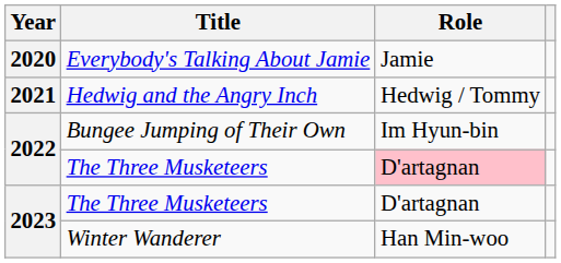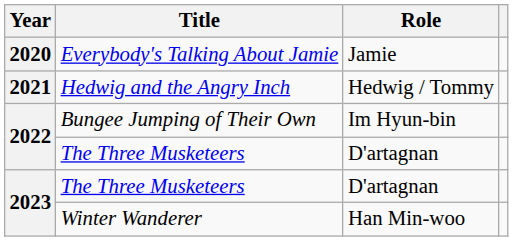 <table class="wikitable sortable plainrowheaders">
 <tr>
 <th>Year</th>
 <th>Title</th>
 <th>Role</th>
 <th scope="col" class="unsortable"></th>
 </tr>
 <tr>
 <th scope="row">2020</th>
 <td><em><a href='#'>Everybody's Talking About Jamie</a></em></td>
 <td>Jamie</td>
 <td></td>
 </tr>
 <tr>
 <th scope="row">2021</th>
 <td><em><a href='#'>Hedwig and the Angry Inch</a></em></td>
 <td>Hedwig / Tommy</td>
 <td></td>
 </tr>
 <tr>
 <th scope="row" rowspan=2>2022</th>
 <td><em>Bungee Jumping of Their Own</em></td>
 <td>Im Hyun-bin</td>
 <td></td>
 </tr>
 <tr>
 <td><em><a href='#'>The Three Musketeers</a></em></td>
-<td style="background: pink;">D'artagnan</td>
+<td>D'artagnan</td>
 <td></td>
 </tr>
 <tr>
 <th scope="row" rowspan=2>2023</th>
 <td><em><a href='#'>The Three Musketeers</a></em></td>
 <td>D'artagnan</td>
 <td></td>
 </tr>
 <tr>
 <td><em>Winter Wanderer</em></td>
 <td>Han Min-woo</td>
 <td></td>
 </tr>
 </table>
